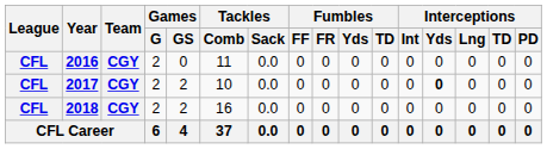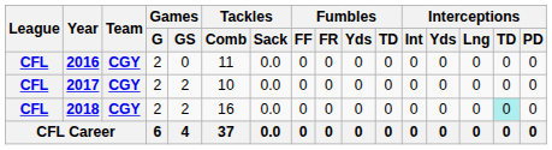 <table class="wikitable" style="text-align:center">
 <tr>
 <th rowspan="2">League</th>
 <th rowspan="2">Year</th>
 <th rowspan="2">Team</th>
 <th colspan="2">Games</th>
 <th colspan="2">Tackles</th>
 <th colspan="4">Fumbles</th>
 <th colspan="5">Interceptions</th>
 </tr>
 <tr>
 <th>G</th>
 <th>GS</th>
 <th>Comb</th>
 <th>Sack</th>
 <th>FF</th>
 <th>FR</th>
 <th>Yds</th>
 <th>TD</th>
 <th>Int</th>
 <th>Yds</th>
 <th>Lng</th>
 <th>TD</th>
 <th>PD</th>
 </tr>
 <tr>
 <th><a href='#'>CFL</a></th>
 <th><a href='#'>2016</a></th>
 <th><a href='#'>CGY</a></th>
 <td>2</td>
 <td>0</td>
 <td>11</td>
 <td>0.0</td>
 <td>0</td>
 <td>0</td>
 <td>0</td>
 <td>0</td>
 <td>0</td>
 <td>0</td>
 <td>0</td>
 <td>0</td>
 <td>0</td>
 </tr>
 <tr>
 <th><a href='#'>CFL</a></th>
 <th><a href='#'>2017</a></th>
 <th><a href='#'>CGY</a></th>
 <td>2</td>
 <td>2</td>
 <td>10</td>
 <td>0.0</td>
 <td>0</td>
 <td>0</td>
 <td>0</td>
 <td>0</td>
 <td>0</td>
-<td><strong>0</strong></td>
+<td>0</td>
 <td>0</td>
 <td>0</td>
 <td>0</td>
 </tr>
 <tr>
 <th><a href='#'>CFL</a></th>
 <th><a href='#'>2018</a></th>
 <th><a href='#'>CGY</a></th>
 <td>2</td>
 <td>2</td>
 <td>16</td>
 <td>0.0</td>
 <td>0</td>
 <td>0</td>
 <td>0</td>
 <td>0</td>
 <td>0</td>
 <td>0</td>
 <td>0</td>
-<td>0</td>
+<td style="background: paleturquoise;">0</td>
 <td>0</td>
 </tr>
 <tr>
 <th colspan="3">CFL Career</th>
 <th>6</th>
 <th>4</th>
 <th>37</th>
 <th>0.0</th>
 <th>0</th>
 <th>0</th>
 <th>0</th>
 <th>0</th>
 <th>0</th>
 <th>0</th>
 <th>0</th>
 <th>0</th>
 <th>0</th>
 </tr>
 </table>
